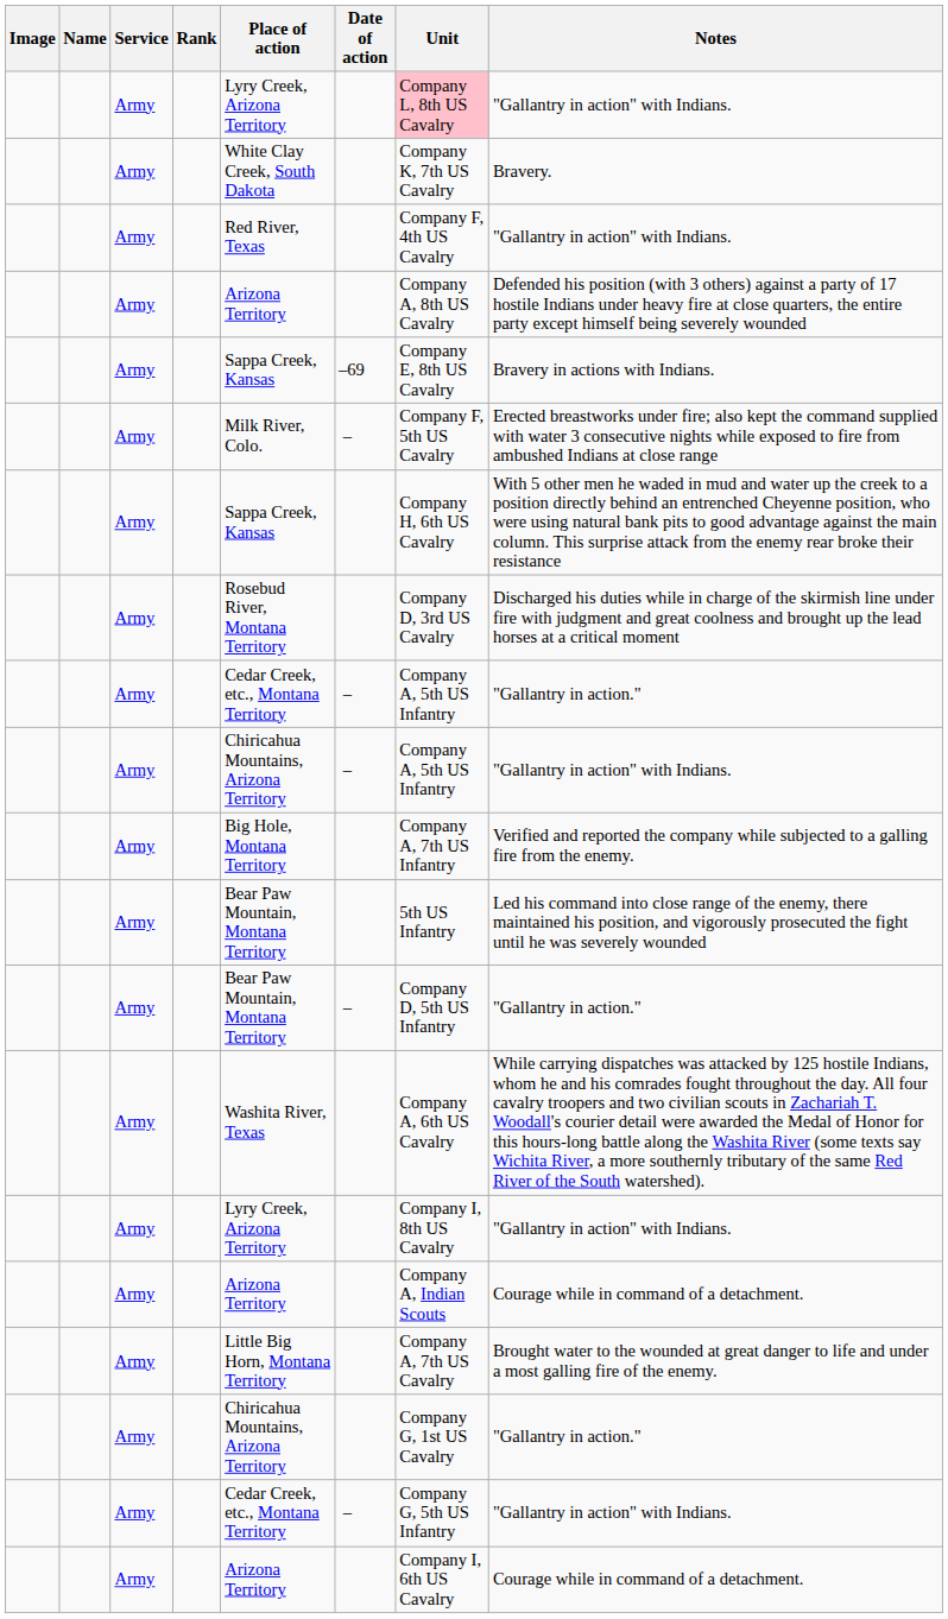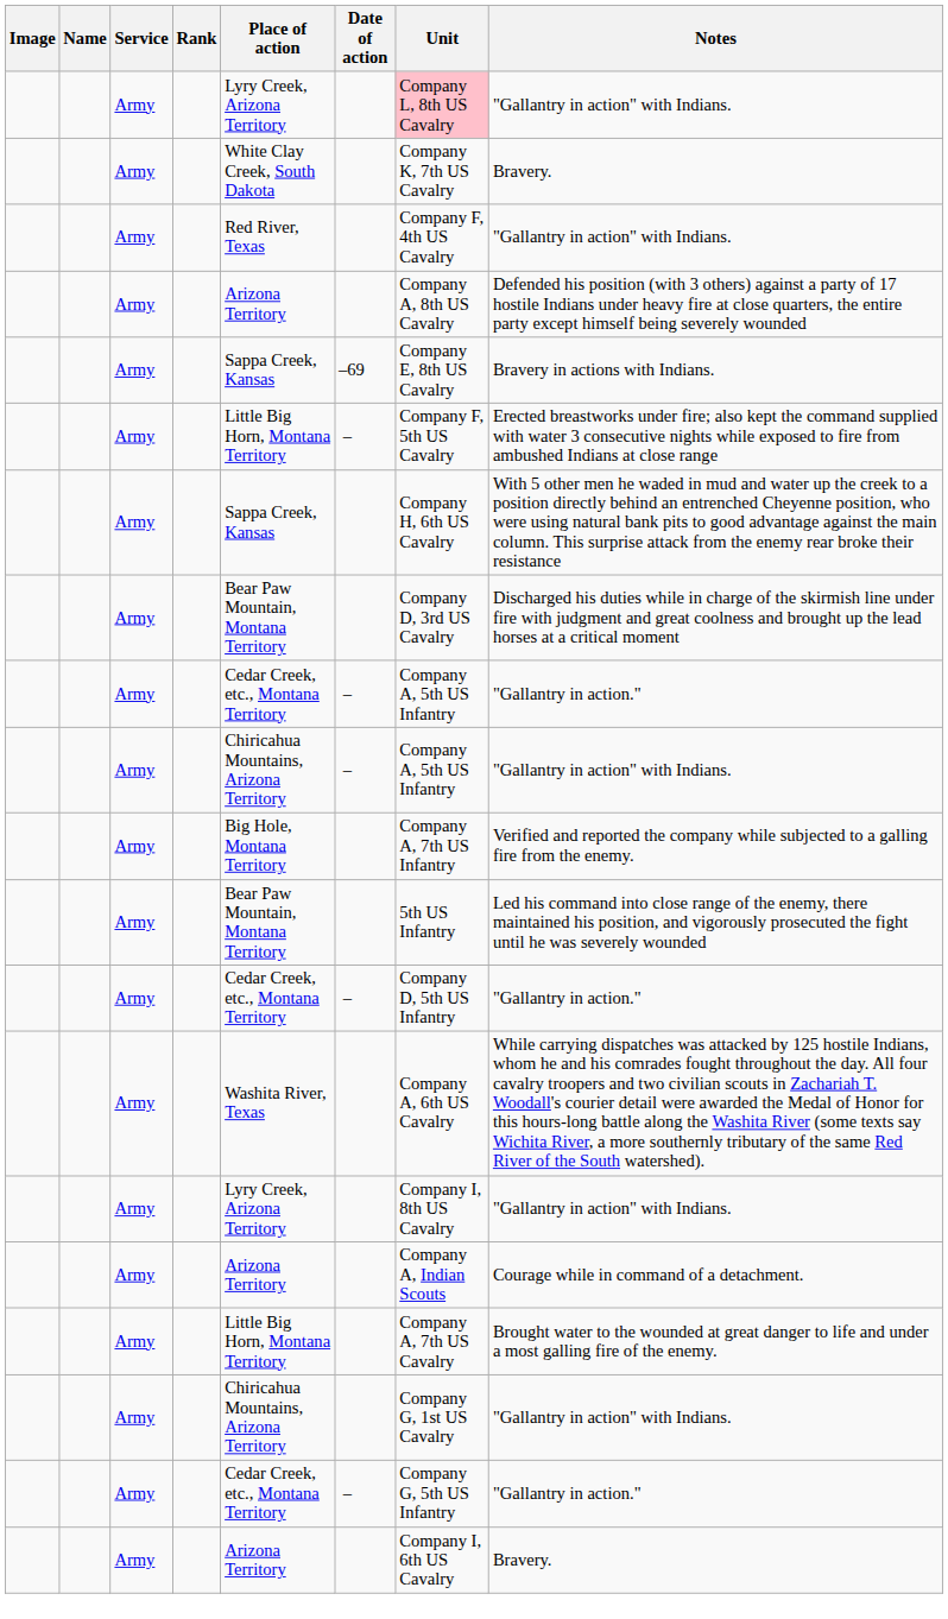 <table class="wikitable sortable">
 <tr>
 <th class="unsortable">Image</th>
 <th>Name</th>
 <th>Service</th>
 <th>Rank</th>
 <th>Place of action</th>
 <th>Date of action</th>
 <th>Unit</th>
 <th class="unsortable">Notes</th>
 </tr>
 <tr>
 <td></td>
 <td></td>
 <td><a href='#'>Army</a></td>
 <td></td>
 <td>Lyry Creek, <a href='#'>Arizona Territory</a></td>
 <td></td>
 <td style="background: pink;">Company L, 8th US Cavalry</td>
 <td>"Gallantry in action" with Indians.</td>
 </tr>
 <tr>
 <td></td>
 <td></td>
 <td><a href='#'>Army</a></td>
 <td></td>
 <td>White Clay Creek, <a href='#'>South Dakota</a></td>
 <td></td>
 <td>Company K, 7th US Cavalry</td>
 <td>Bravery.</td>
 </tr>
 <tr>
 <td></td>
 <td></td>
 <td><a href='#'>Army</a></td>
 <td></td>
 <td>Red River, <a href='#'>Texas</a></td>
 <td></td>
 <td>Company F, 4th US Cavalry</td>
 <td>"Gallantry in action" with Indians.</td>
 </tr>
 <tr>
 <td></td>
 <td></td>
 <td><a href='#'>Army</a></td>
 <td></td>
 <td><a href='#'>Arizona Territory</a></td>
 <td></td>
 <td>Company A, 8th US Cavalry</td>
 <td>Defended his position (with 3 others) against a party of 17 hostile Indians under heavy fire at close quarters, the entire party except himself being severely wounded</td>
 </tr>
 <tr>
 <td></td>
 <td></td>
 <td><a href='#'>Army</a></td>
 <td></td>
 <td>Sappa Creek, <a href='#'>Kansas</a></td>
 <td>–69</td>
 <td>Company E, 8th US Cavalry</td>
 <td>Bravery in actions with Indians.</td>
 </tr>
 <tr>
 <td></td>
 <td></td>
 <td><a href='#'>Army</a></td>
 <td></td>
-<td>Milk River, Colo.</td>
+<td>Little Big Horn, <a href='#'>Montana Territory</a></td>
 <td> – </td>
 <td>Company F, 5th US Cavalry</td>
 <td>Erected breastworks under fire; also kept the command supplied with water 3 consecutive nights while exposed to fire from ambushed Indians at close range</td>
 </tr>
 <tr>
 <td></td>
 <td></td>
 <td><a href='#'>Army</a></td>
 <td></td>
 <td>Sappa Creek, <a href='#'>Kansas</a></td>
 <td></td>
 <td>Company H, 6th US Cavalry</td>
 <td>With 5 other men he waded in mud and water up the creek to a position directly behind an entrenched Cheyenne position, who were using natural bank pits to good advantage against the main column. This surprise attack from the enemy rear broke their resistance</td>
 </tr>
 <tr>
 <td></td>
 <td></td>
 <td><a href='#'>Army</a></td>
 <td></td>
-<td>Rosebud River, <a href='#'>Montana Territory</a></td>
+<td>Bear Paw Mountain, <a href='#'>Montana Territory</a></td>
 <td></td>
 <td>Company D, 3rd US Cavalry</td>
 <td>Discharged his duties while in charge of the skirmish line under fire with judgment and great coolness and brought up the lead horses at a critical moment</td>
 </tr>
 <tr>
 <td></td>
 <td></td>
 <td><a href='#'>Army</a></td>
 <td></td>
 <td>Cedar Creek, etc., <a href='#'>Montana Territory</a></td>
 <td> – </td>
 <td>Company A, 5th US Infantry</td>
 <td>"Gallantry in action."</td>
 </tr>
 <tr>
 <td></td>
 <td></td>
 <td><a href='#'>Army</a></td>
 <td></td>
 <td>Chiricahua Mountains, <a href='#'>Arizona Territory</a></td>
 <td> – </td>
 <td>Company A, 5th US Infantry</td>
 <td>"Gallantry in action" with Indians.</td>
 </tr>
 <tr>
 <td></td>
 <td></td>
 <td><a href='#'>Army</a></td>
 <td></td>
 <td>Big Hole, <a href='#'>Montana Territory</a></td>
 <td></td>
 <td>Company A, 7th US Infantry</td>
 <td>Verified and reported the company while subjected to a galling fire from the enemy.</td>
 </tr>
 <tr>
 <td></td>
 <td></td>
 <td><a href='#'>Army</a></td>
 <td></td>
 <td>Bear Paw Mountain, <a href='#'>Montana Territory</a></td>
 <td></td>
 <td>5th US Infantry</td>
 <td>Led his command into close range of the enemy, there maintained his position, and vigorously prosecuted the fight until he was severely wounded</td>
 </tr>
 <tr>
 <td></td>
 <td></td>
 <td><a href='#'>Army</a></td>
 <td></td>
-<td>Bear Paw Mountain, <a href='#'>Montana Territory</a></td>
+<td>Cedar Creek, etc., <a href='#'>Montana Territory</a></td>
 <td> – </td>
 <td>Company D, 5th US Infantry</td>
 <td>"Gallantry in action."</td>
 </tr>
 <tr>
 <td></td>
 <td></td>
 <td><a href='#'>Army</a></td>
 <td></td>
 <td>Washita River, <a href='#'>Texas</a></td>
 <td></td>
 <td>Company A, 6th US Cavalry</td>
 <td>While carrying dispatches was attacked by 125 hostile Indians, whom he and his comrades fought throughout the day.  All four cavalry troopers and two civilian scouts in <a href='#'>Zachariah T. Woodall</a>'s courier detail were awarded the Medal of Honor for this hours-long battle along the <a href='#'>Washita River</a> (some texts say <a href='#'>Wichita River</a>, a more southernly tributary of the same <a href='#'>Red River of the South</a> watershed).</td>
 </tr>
 <tr>
 <td></td>
 <td></td>
 <td><a href='#'>Army</a></td>
 <td></td>
 <td>Lyry Creek, <a href='#'>Arizona Territory</a></td>
 <td></td>
 <td>Company I, 8th US Cavalry</td>
 <td>"Gallantry in action" with Indians.</td>
 </tr>
 <tr>
 <td></td>
 <td></td>
 <td><a href='#'>Army</a></td>
 <td></td>
 <td><a href='#'>Arizona Territory</a></td>
 <td></td>
 <td>Company A, <a href='#'>Indian Scouts</a></td>
 <td>Courage while in command of a detachment.</td>
 </tr>
 <tr>
 <td></td>
 <td></td>
 <td><a href='#'>Army</a></td>
 <td></td>
 <td>Little Big Horn, <a href='#'>Montana Territory</a></td>
 <td></td>
 <td>Company A, 7th US Cavalry</td>
 <td>Brought water to the wounded at great danger to life and under a most galling fire of the enemy.</td>
 </tr>
 <tr>
 <td></td>
 <td></td>
 <td><a href='#'>Army</a></td>
 <td></td>
 <td>Chiricahua Mountains, <a href='#'>Arizona Territory</a></td>
 <td></td>
 <td>Company G, 1st US Cavalry</td>
-<td>"Gallantry in action."</td>
+<td>"Gallantry in action" with Indians.</td>
 </tr>
 <tr>
 <td></td>
 <td></td>
 <td><a href='#'>Army</a></td>
 <td></td>
 <td>Cedar Creek, etc., <a href='#'>Montana Territory</a></td>
 <td> – </td>
 <td>Company G, 5th US Infantry</td>
-<td>"Gallantry in action" with Indians.</td>
+<td>"Gallantry in action."</td>
 </tr>
 <tr>
 <td></td>
 <td></td>
 <td><a href='#'>Army</a></td>
 <td></td>
 <td><a href='#'>Arizona Territory</a></td>
 <td></td>
 <td>Company I, 6th US Cavalry</td>
-<td>Courage while in command of a detachment.</td>
+<td>Bravery.</td>
 </tr>
 </table>
